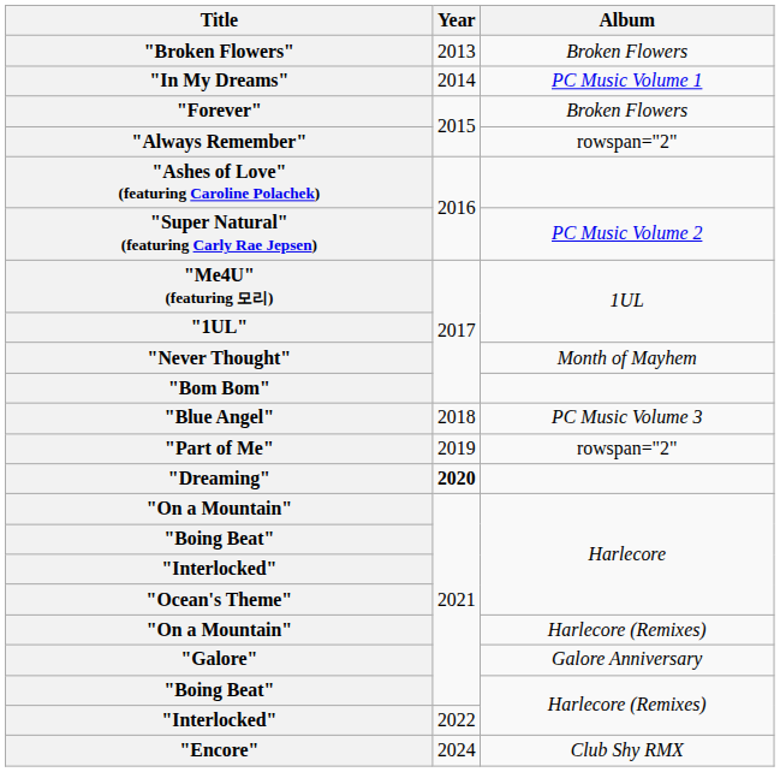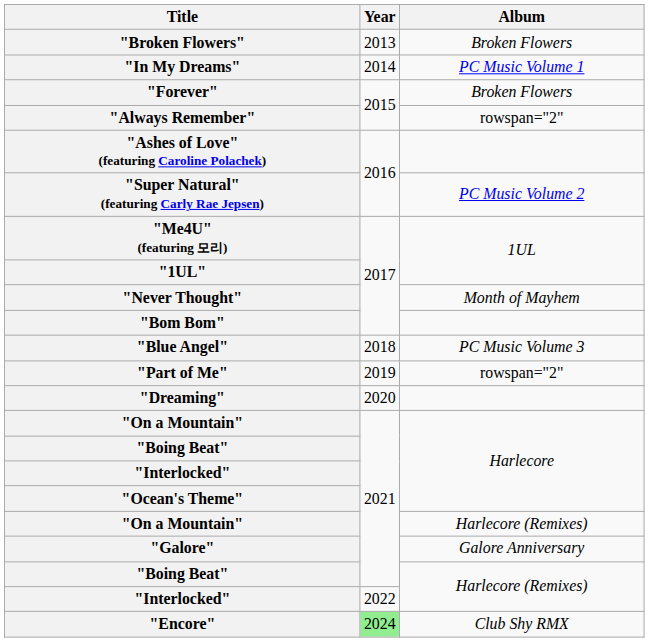 <table class="wikitable plainrowheaders" style="text-align:center;">
 <tr>
 <th scope="col" style="width:22em;">Title</th>
 <th scope="col" style="width:2em;">Year</th>
 <th scope="col" style="width:15em;">Album</th>
 </tr>
 <tr>
 <th scope="row">"Broken Flowers"</th>
 <td>2013</td>
 <td><em>Broken Flowers</em></td>
 </tr>
 <tr>
 <th scope="row">"In My Dreams"</th>
 <td>2014</td>
 <td><em><a href='#'>PC Music Volume 1</a></em></td>
 </tr>
 <tr>
 <th scope="row">"Forever"</th>
 <td rowspan=2>2015</td>
 <td><em>Broken Flowers</em></td>
 </tr>
 <tr>
 <th scope="row">"Always Remember"</th>
 <td>rowspan="2" </td>
 </tr>
 <tr>
 <th scope="row">"Ashes of Love"<br><small>(featuring <a href='#'>Caroline Polachek</a>)</small></th>
 <td rowspan=2>2016</td>
 </tr>
 <tr>
 <th scope="row">"Super Natural"<br><small>(featuring <a href='#'>Carly Rae Jepsen</a>)</small></th>
 <td><em><a href='#'>PC Music Volume 2</a></em></td>
 </tr>
 <tr>
 <th scope="row">"Me4U"<br><small>(featuring 모리)</small></th>
 <td rowspan=4>2017</td>
 <td rowspan="2"><em>1UL</em></td>
 </tr>
 <tr>
 <th scope="row">"1UL"</th>
 </tr>
 <tr>
 <th scope="row">"Never Thought"<br></th>
 <td><em>Month of Mayhem</em></td>
 </tr>
 <tr>
 <th scope="row">"Bom Bom"<br></th>
 <td></td>
 </tr>
 <tr>
 <th scope="row">"Blue Angel"<br></th>
 <td>2018</td>
 <td><em>PC Music Volume 3</em></td>
 </tr>
 <tr>
 <th scope="row">"Part of Me"<br></th>
 <td>2019</td>
 <td>rowspan="2" </td>
 </tr>
 <tr>
 <th scope="row">"Dreaming"<br></th>
-<td><strong>2020</strong></td>
+<td>2020</td>
 </tr>
 <tr>
 <th scope="row">"On a Mountain"</th>
 <td rowspan="7">2021</td>
 <td rowspan="4"><em>Harlecore</em></td>
 </tr>
 <tr>
 <th scope="row">"Boing Beat"</th>
 </tr>
 <tr>
 <th scope="row">"Interlocked"</th>
 </tr>
 <tr>
 <th scope="row">"Ocean's Theme"</th>
 </tr>
 <tr>
 <th scope="row">"On a Mountain" </th>
 <td><em>Harlecore (Remixes)</em></td>
 </tr>
 <tr>
 <th scope="row">"Galore" </th>
 <td><em>Galore Anniversary</em></td>
 </tr>
 <tr>
 <th scope="row">"Boing Beat" </th>
 <td rowspan="2"><em>Harlecore (Remixes)</em></td>
 </tr>
 <tr>
 <th scope="row">"Interlocked" </th>
 <td>2022</td>
 </tr>
 <tr>
 <th scope="row">"Encore"<br></th>
-<td>2024</td>
+<td style="background: lightgreen;">2024</td>
 <td><em>Club Shy RMX</em></td>
 </tr>
 </table>
